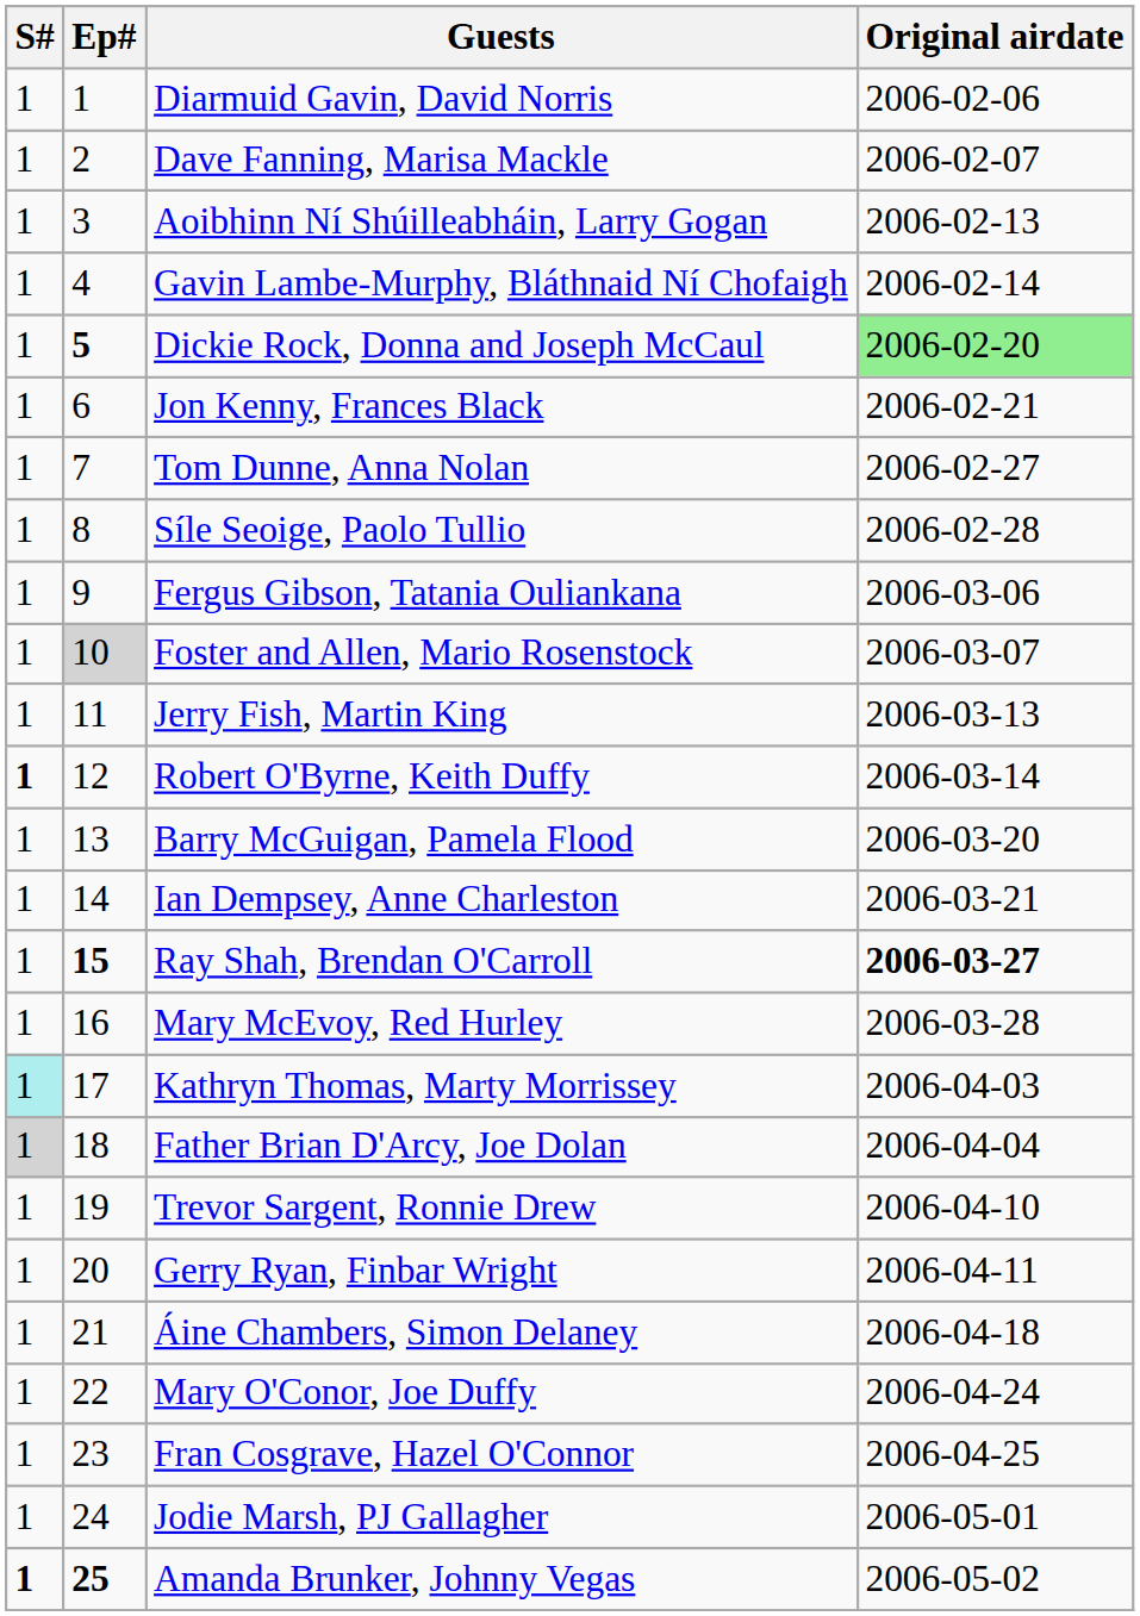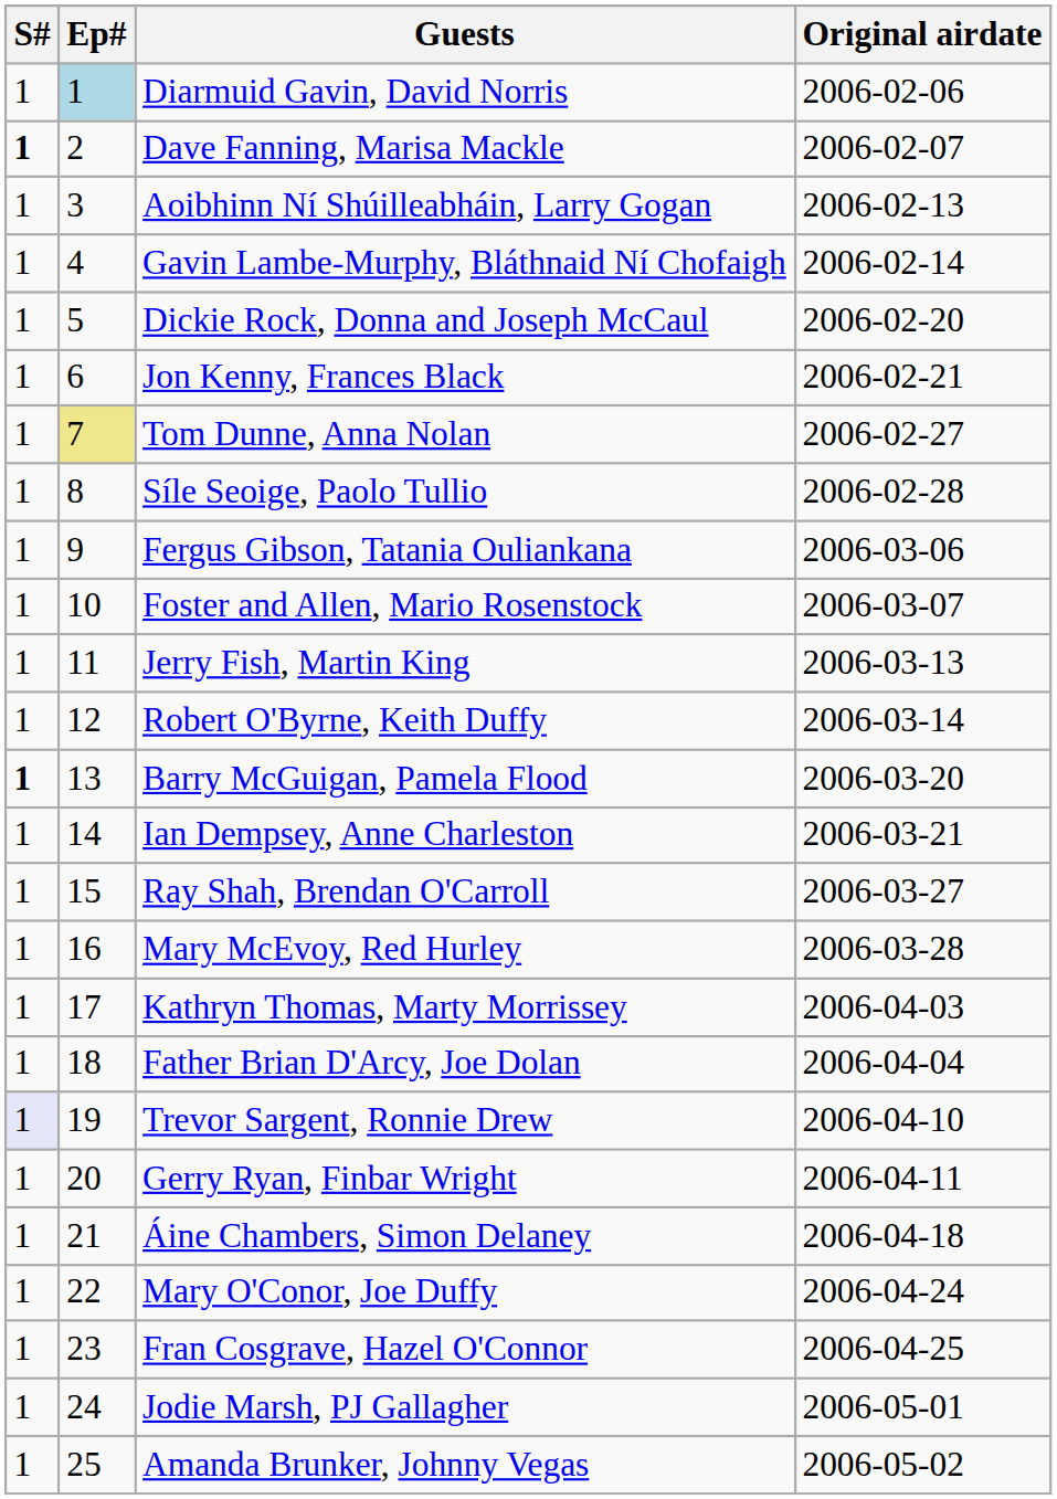 <table class="wikitable" style="font-size:90%">
 <tr>
 <th>S#</th>
 <th>Ep#</th>
 <th>Guests</th>
 <th>Original airdate</th>
 </tr>
 <tr>
 <td>1</td>
-<td>1</td>
+<td style="background: lightblue;">1</td>
 <td><a href='#'>Diarmuid Gavin</a>, <a href='#'>David Norris</a></td>
 <td>2006-02-06</td>
 </tr>
 <tr>
-<td>1</td>
+<td><strong>1</strong></td>
 <td>2</td>
 <td><a href='#'>Dave Fanning</a>, <a href='#'>Marisa Mackle</a></td>
 <td>2006-02-07</td>
 </tr>
 <tr>
 <td>1</td>
 <td>3</td>
 <td><a href='#'>Aoibhinn Ní Shúilleabháin</a>, <a href='#'>Larry Gogan</a></td>
 <td>2006-02-13</td>
 </tr>
 <tr>
 <td>1</td>
 <td>4</td>
 <td><a href='#'>Gavin Lambe-Murphy</a>, <a href='#'>Bláthnaid Ní Chofaigh</a></td>
 <td>2006-02-14</td>
 </tr>
 <tr>
 <td>1</td>
-<td><strong>5</strong></td>
+<td>5</td>
 <td><a href='#'>Dickie Rock</a>, <a href='#'>Donna and Joseph McCaul</a></td>
-<td style="background: lightgreen;">2006-02-20</td>
+<td>2006-02-20</td>
 </tr>
 <tr>
 <td>1</td>
 <td>6</td>
 <td><a href='#'>Jon Kenny</a>, <a href='#'>Frances Black</a></td>
 <td>2006-02-21</td>
 </tr>
 <tr>
 <td>1</td>
-<td>7</td>
+<td style="background: khaki;">7</td>
 <td><a href='#'>Tom Dunne</a>, <a href='#'>Anna Nolan</a></td>
 <td>2006-02-27</td>
 </tr>
 <tr>
 <td>1</td>
 <td>8</td>
 <td><a href='#'>Síle Seoige</a>, <a href='#'>Paolo Tullio</a></td>
 <td>2006-02-28</td>
 </tr>
 <tr>
 <td>1</td>
 <td>9</td>
 <td><a href='#'>Fergus Gibson</a>, <a href='#'>Tatania Ouliankana</a></td>
 <td>2006-03-06</td>
 </tr>
 <tr>
 <td>1</td>
-<td style="background: lightgrey;">10</td>
+<td>10</td>
 <td><a href='#'>Foster and Allen</a>, <a href='#'>Mario Rosenstock</a></td>
 <td>2006-03-07</td>
 </tr>
 <tr>
 <td>1</td>
 <td>11</td>
 <td><a href='#'>Jerry Fish</a>, <a href='#'>Martin King</a></td>
 <td>2006-03-13</td>
 </tr>
 <tr>
-<td><strong>1</strong></td>
+<td>1</td>
 <td>12</td>
 <td><a href='#'>Robert O'Byrne</a>, <a href='#'>Keith Duffy</a></td>
 <td>2006-03-14</td>
 </tr>
 <tr>
-<td>1</td>
+<td><strong>1</strong></td>
 <td>13</td>
 <td><a href='#'>Barry McGuigan</a>, <a href='#'>Pamela Flood</a></td>
 <td>2006-03-20</td>
 </tr>
 <tr>
 <td>1</td>
 <td>14</td>
 <td><a href='#'>Ian Dempsey</a>, <a href='#'>Anne Charleston</a></td>
 <td>2006-03-21</td>
 </tr>
 <tr>
 <td>1</td>
-<td><strong>15</strong></td>
+<td>15</td>
 <td><a href='#'>Ray Shah</a>, <a href='#'>Brendan O'Carroll</a></td>
-<td><strong>2006-03-27</strong></td>
+<td>2006-03-27</td>
 </tr>
 <tr>
 <td>1</td>
 <td>16</td>
 <td><a href='#'>Mary McEvoy</a>, <a href='#'>Red Hurley</a></td>
 <td>2006-03-28</td>
 </tr>
 <tr>
-<td style="background: paleturquoise;">1</td>
+<td>1</td>
 <td>17</td>
 <td><a href='#'>Kathryn Thomas</a>, <a href='#'>Marty Morrissey</a></td>
 <td>2006-04-03</td>
 </tr>
 <tr>
-<td style="background: lightgrey;">1</td>
+<td>1</td>
 <td>18</td>
 <td><a href='#'>Father Brian D'Arcy</a>, <a href='#'>Joe Dolan</a></td>
 <td>2006-04-04</td>
 </tr>
 <tr>
-<td>1</td>
+<td style="background: lavender;">1</td>
 <td>19</td>
 <td><a href='#'>Trevor Sargent</a>, <a href='#'>Ronnie Drew</a></td>
 <td>2006-04-10</td>
 </tr>
 <tr>
 <td>1</td>
 <td>20</td>
 <td><a href='#'>Gerry Ryan</a>, <a href='#'>Finbar Wright</a></td>
 <td>2006-04-11</td>
 </tr>
 <tr>
 <td>1</td>
 <td>21</td>
 <td><a href='#'>Áine Chambers</a>, <a href='#'>Simon Delaney</a></td>
 <td>2006-04-18</td>
 </tr>
 <tr>
 <td>1</td>
 <td>22</td>
 <td><a href='#'>Mary O'Conor</a>, <a href='#'>Joe Duffy</a></td>
 <td>2006-04-24</td>
 </tr>
 <tr>
 <td>1</td>
 <td>23</td>
 <td><a href='#'>Fran Cosgrave</a>, <a href='#'>Hazel O'Connor</a></td>
 <td>2006-04-25</td>
 </tr>
 <tr>
 <td>1</td>
 <td>24</td>
 <td><a href='#'>Jodie Marsh</a>, <a href='#'>PJ Gallagher</a></td>
 <td>2006-05-01</td>
 </tr>
 <tr>
-<td><strong>1</strong></td>
-<td><strong>25</strong></td>
+<td>1</td>
+<td>25</td>
 <td><a href='#'>Amanda Brunker</a>, <a href='#'>Johnny Vegas</a></td>
 <td>2006-05-02</td>
 </tr>
 <tr>
 </tr>
 </table>
